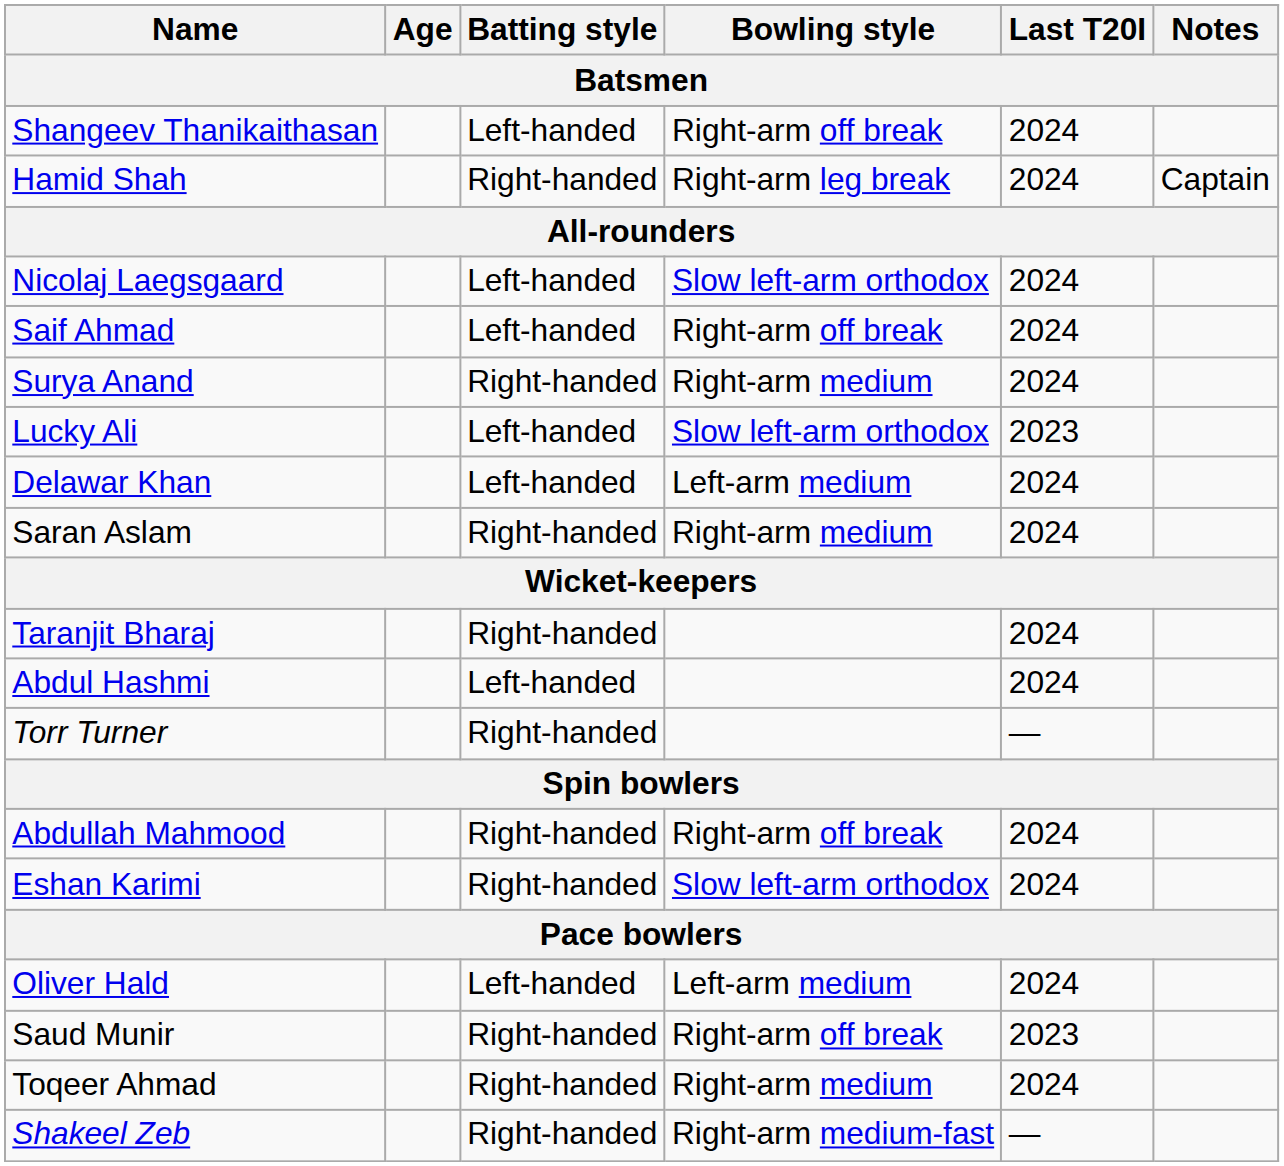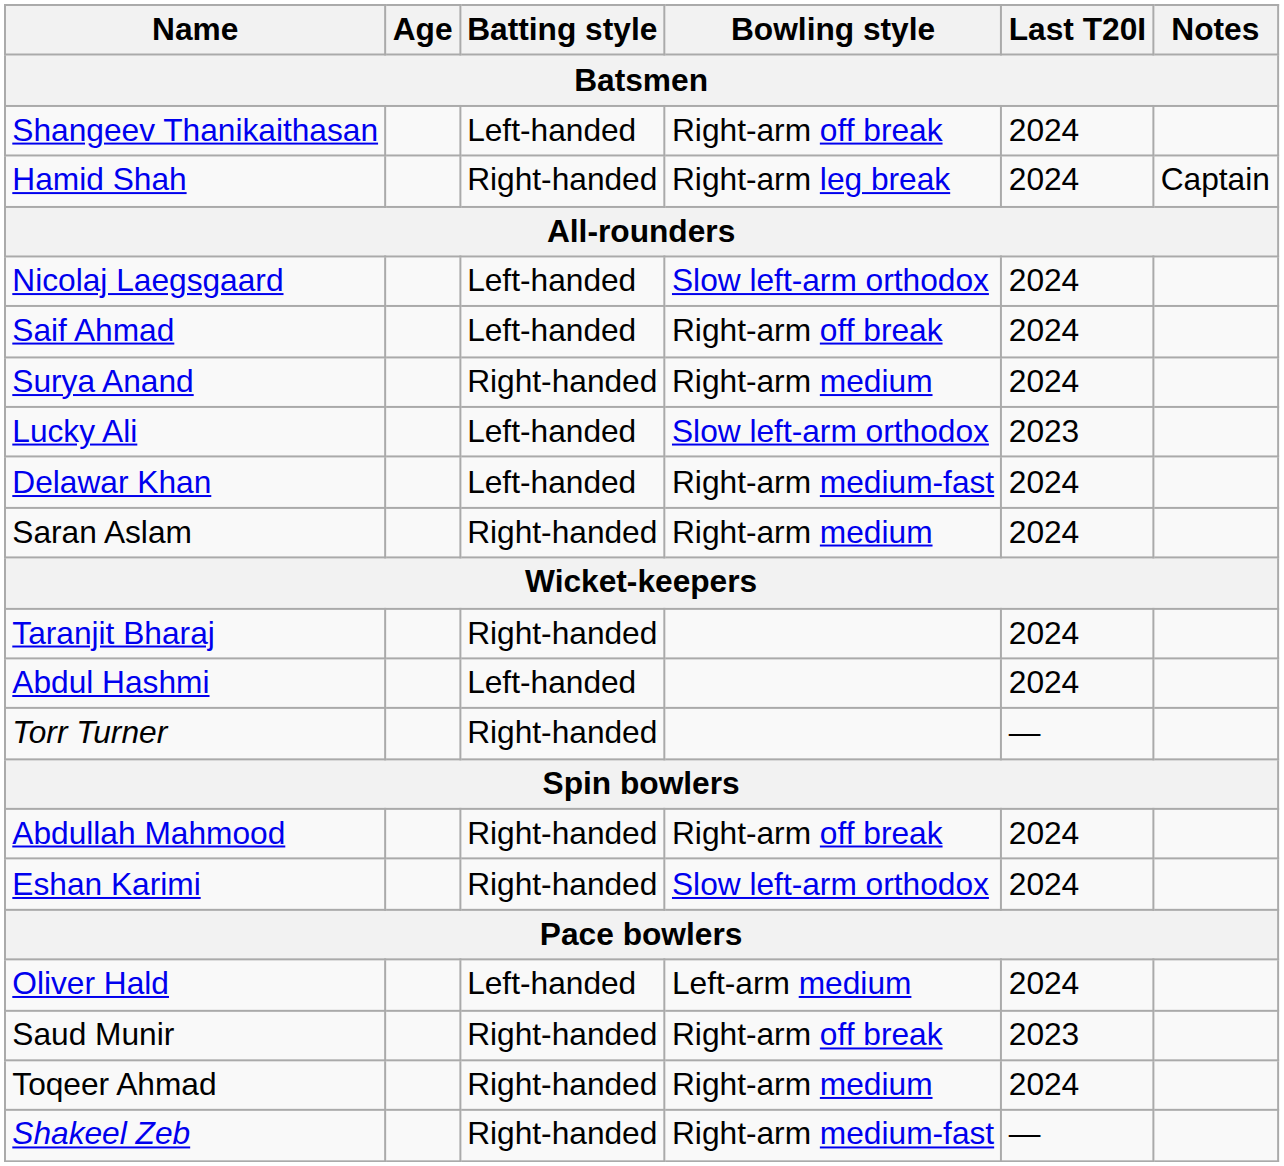 <table class="wikitable">
 <tr>
 <th style="text-align:center;">Name</th>
 <th style="text-align:center;">Age</th>
 <th style="text-align:center;">Batting style</th>
 <th style="text-align:center;">Bowling style</th>
 <th style="text-align:center;">Last T20I</th>
 <th style="text-align:center;">Notes</th>
 </tr>
 <tr>
 <th colspan="8">Batsmen</th>
 </tr>
 <tr>
 <td><a href='#'>Shangeev Thanikaithasan</a></td>
 <td></td>
 <td>Left-handed</td>
 <td>Right-arm <a href='#'>off break</a></td>
 <td> 2024</td>
 <td></td>
 </tr>
 <tr>
 <td><a href='#'>Hamid Shah</a></td>
 <td></td>
 <td>Right-handed</td>
 <td>Right-arm <a href='#'>leg break</a></td>
 <td> 2024</td>
 <td>Captain</td>
 </tr>
 <tr>
 <th colspan="8">All-rounders</th>
 </tr>
 <tr>
 <td><a href='#'>Nicolaj Laegsgaard</a></td>
 <td></td>
 <td>Left-handed</td>
 <td><a href='#'>Slow left-arm orthodox</a></td>
 <td> 2024</td>
 <td></td>
 </tr>
 <tr>
 <td><a href='#'>Saif Ahmad</a></td>
 <td></td>
 <td>Left-handed</td>
 <td>Right-arm <a href='#'>off break</a></td>
 <td> 2024</td>
 <td></td>
 </tr>
 <tr>
 <td><a href='#'>Surya Anand</a></td>
 <td></td>
 <td>Right-handed</td>
 <td>Right-arm <a href='#'>medium</a></td>
 <td> 2024</td>
 <td></td>
 </tr>
 <tr>
 <td><a href='#'>Lucky Ali</a></td>
 <td></td>
 <td>Left-handed</td>
 <td><a href='#'>Slow left-arm orthodox</a></td>
 <td> 2023</td>
 <td></td>
 </tr>
 <tr>
 <td><a href='#'>Delawar Khan</a></td>
 <td></td>
 <td>Left-handed</td>
-<td>Left-arm <a href='#'>medium</a></td>
+<td>Right-arm <a href='#'>medium-fast</a></td>
 <td> 2024</td>
 <td></td>
 </tr>
 <tr>
 <td>Saran Aslam</td>
 <td></td>
 <td>Right-handed</td>
 <td>Right-arm <a href='#'>medium</a></td>
 <td> 2024</td>
 <td></td>
 </tr>
 <tr>
 <th colspan="8">Wicket-keepers</th>
 </tr>
 <tr>
 <td><a href='#'>Taranjit Bharaj</a></td>
 <td></td>
 <td>Right-handed</td>
 <td></td>
 <td> 2024</td>
 <td></td>
 </tr>
 <tr>
 <td><a href='#'>Abdul Hashmi</a></td>
 <td></td>
 <td>Left-handed</td>
 <td></td>
 <td> 2024</td>
 <td></td>
 </tr>
 <tr>
 <td><em>Torr Turner</em></td>
 <td></td>
 <td>Right-handed</td>
 <td></td>
 <td>—</td>
 <td></td>
 </tr>
 <tr>
 <th colspan="8">Spin bowlers</th>
 </tr>
 <tr>
 <td><a href='#'>Abdullah Mahmood</a></td>
 <td></td>
 <td>Right-handed</td>
 <td>Right-arm <a href='#'>off break</a></td>
 <td> 2024</td>
 <td></td>
 </tr>
 <tr>
 <td><a href='#'>Eshan Karimi</a></td>
 <td></td>
 <td>Right-handed</td>
 <td><a href='#'>Slow left-arm orthodox</a></td>
 <td> 2024</td>
 <td></td>
 </tr>
 <tr>
 <th colspan="8">Pace bowlers</th>
 </tr>
 <tr>
 <td><a href='#'>Oliver Hald</a></td>
 <td></td>
 <td>Left-handed</td>
 <td>Left-arm <a href='#'>medium</a></td>
 <td> 2024</td>
 <td></td>
 </tr>
 <tr>
 <td>Saud Munir</td>
 <td></td>
 <td>Right-handed</td>
 <td>Right-arm <a href='#'>off break</a></td>
 <td> 2023</td>
 <td></td>
 </tr>
 <tr>
 <td>Toqeer Ahmad</td>
 <td></td>
 <td>Right-handed</td>
 <td>Right-arm <a href='#'>medium</a></td>
 <td> 2024</td>
 <td></td>
 </tr>
 <tr>
 <td><em><a href='#'>Shakeel Zeb</a></em></td>
 <td></td>
 <td>Right-handed</td>
 <td>Right-arm <a href='#'>medium-fast</a></td>
 <td>—</td>
 <td></td>
 </tr>
 </table>
